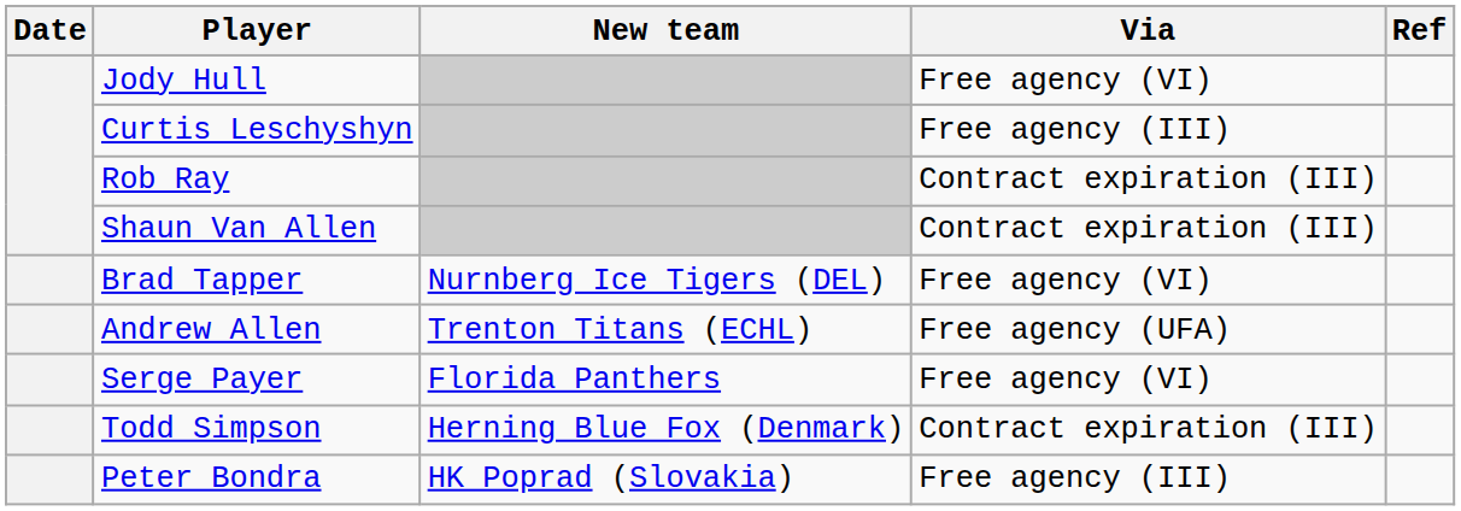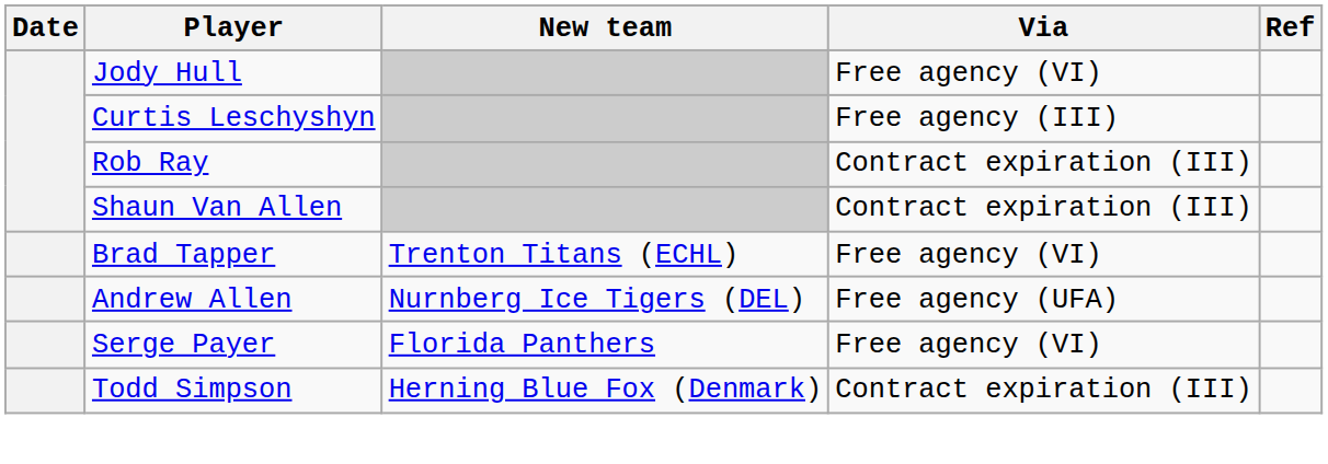 <table class="wikitable plainrowheaders">
 <tr style="background:#ddd; text-align:center;">
 <th>Date</th>
 <th>Player</th>
 <th>New team</th>
 <th>Via</th>
 <th>Ref</th>
 </tr>
 <tr>
 <th scope="row" rowspan=4></th>
 <td><a href='#'>Jody Hull</a></td>
 <td style="background:#ccc"></td>
 <td>Free agency (VI)</td>
 <td></td>
 </tr>
 <tr>
 <td><a href='#'>Curtis Leschyshyn</a></td>
 <td style="background:#ccc"></td>
 <td>Free agency (III)</td>
 <td></td>
 </tr>
 <tr>
 <td><a href='#'>Rob Ray</a></td>
 <td style="background:#ccc"></td>
 <td>Contract expiration (III)</td>
 <td></td>
 </tr>
 <tr>
 <td><a href='#'>Shaun Van Allen</a></td>
 <td style="background:#ccc"></td>
 <td>Contract expiration (III)</td>
 <td></td>
 </tr>
 <tr>
 <th scope="row"></th>
 <td><a href='#'>Brad Tapper</a></td>
-<td><a href='#'>Nurnberg Ice Tigers</a> (<a href='#'>DEL</a>)</td>
+<td><a href='#'>Trenton Titans</a> (<a href='#'>ECHL</a>)</td>
 <td>Free agency (VI)</td>
 <td></td>
 </tr>
 <tr>
 <th scope="row"></th>
 <td><a href='#'>Andrew Allen</a></td>
-<td><a href='#'>Trenton Titans</a> (<a href='#'>ECHL</a>)</td>
+<td><a href='#'>Nurnberg Ice Tigers</a> (<a href='#'>DEL</a>)</td>
 <td>Free agency (UFA)</td>
 <td></td>
 </tr>
 <tr>
 <th scope="row"></th>
 <td><a href='#'>Serge Payer</a></td>
 <td><a href='#'>Florida Panthers</a></td>
 <td>Free agency (VI)</td>
 <td></td>
 </tr>
 <tr>
 <th scope="row"></th>
 <td><a href='#'>Todd Simpson</a></td>
 <td><a href='#'>Herning Blue Fox</a> (<a href='#'>Denmark</a>)</td>
 <td>Contract expiration (III)</td>
 <td></td>
 </tr>
-<tr>
-<th scope="row"></th>
-<td><a href='#'>Peter Bondra</a></td>
-<td><a href='#'>HK Poprad</a> (<a href='#'>Slovakia</a>)</td>
-<td>Free agency (III)</td>
-<td></td>
-</tr>
 </table>
